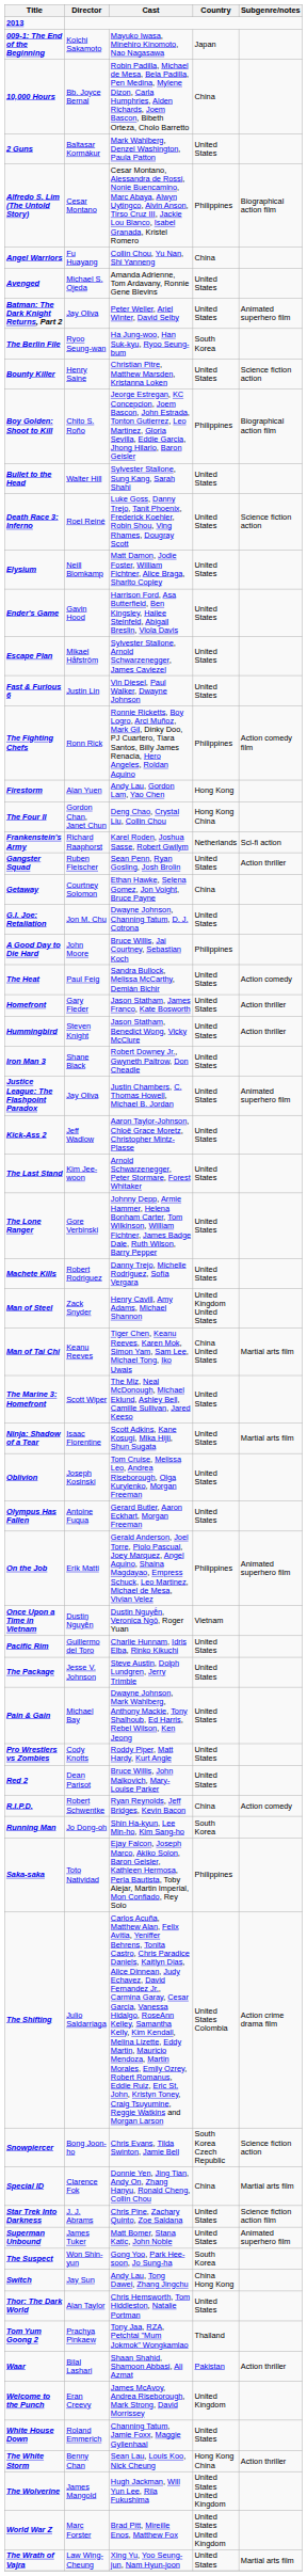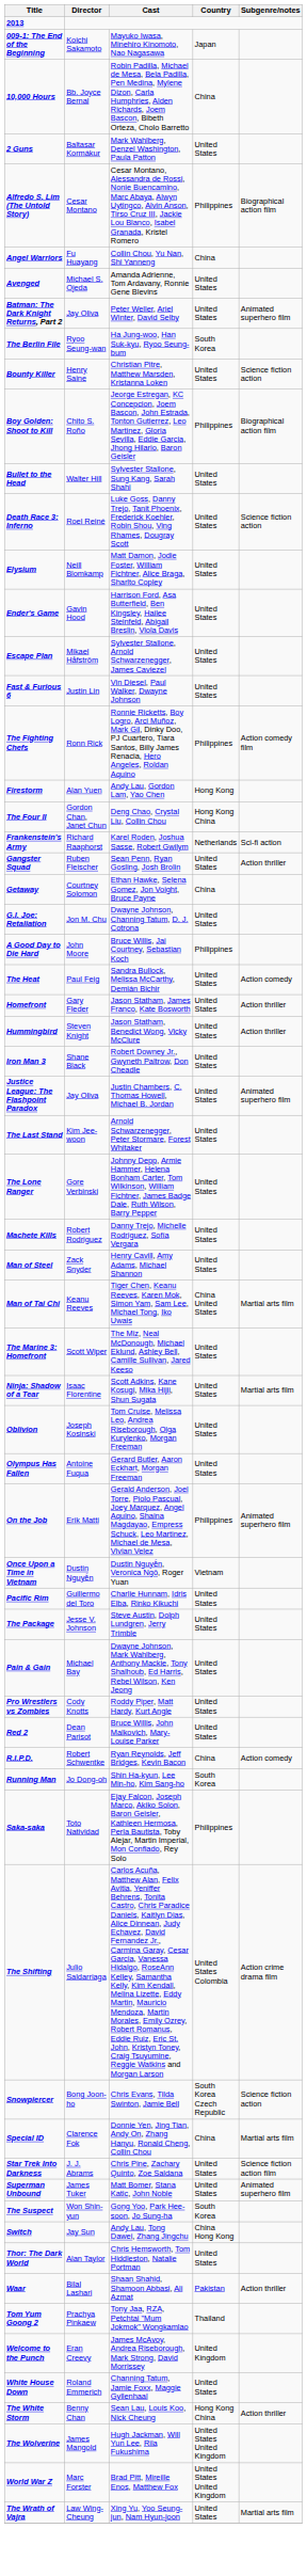 <table class="wikitable sortable">
 <tr>
 <th>Title</th>
 <th>Director</th>
 <th>Cast</th>
 <th>Country</th>
 <th>Subgenre/notes</th>
 </tr>
 <tr>
 <td><strong><a href='#'>2013</a></strong></td>
 </tr>
 <tr>
 <td><strong><em><a href='#'>009-1: The End of the Beginning</a></em></strong></td>
 <td><a href='#'>Koichi Sakamoto</a></td>
 <td><a href='#'>Mayuko Iwasa</a>, <a href='#'>Minehiro Kinomoto</a>, <a href='#'>Nao Nagasawa</a></td>
 <td>Japan</td>
 <td></td>
 </tr>
 <tr>
 <td><strong><em><a href='#'>10,000 Hours</a></em></strong></td>
 <td><a href='#'>Bb. Joyce Bernal</a></td>
 <td><a href='#'>Robin Padilla</a>, <a href='#'>Michael de Mesa</a>, <a href='#'>Bela Padilla</a>, <a href='#'>Pen Medina</a>, <a href='#'>Mylene Dizon</a>, <a href='#'>Carla Humphries</a>, <a href='#'>Alden Richards</a>, <a href='#'>Joem Bascon</a>, Bibeth Orteza, Cholo Barretto</td>
 <td>China</td>
 <td></td>
 </tr>
 <tr>
 <td><strong><em><a href='#'>2 Guns</a></em></strong></td>
 <td><a href='#'>Baltasar Kormákur</a></td>
 <td><a href='#'>Mark Wahlberg</a>, <a href='#'>Denzel Washington</a>, <a href='#'>Paula Patton</a></td>
 <td>United States</td>
 <td></td>
 </tr>
 <tr>
 <td><strong><em><a href='#'>Alfredo S. Lim (The Untold Story)</a></em></strong></td>
 <td><a href='#'>Cesar Montano</a></td>
 <td>Cesar Montano, <a href='#'>Alessandra de Rossi</a>, <a href='#'>Nonie Buencamino</a>, <a href='#'>Marc Abaya</a>, <a href='#'>Alwyn Uytingco</a>, <a href='#'>Alvin Anson</a>, <a href='#'>Tirso Cruz III</a>, <a href='#'>Jackie Lou Blanco</a>, <a href='#'>Isabel Granada</a>, Kristel Romero</td>
 <td>Philippines</td>
 <td>Biographical action film</td>
 </tr>
 <tr>
 <td><strong><em><a href='#'>Angel Warriors</a></em></strong></td>
 <td><a href='#'>Fu Huayang</a></td>
 <td><a href='#'>Collin Chou</a>, <a href='#'>Yu Nan</a>, <a href='#'>Shi Yanneng</a></td>
 <td>China</td>
 <td></td>
 </tr>
 <tr>
 <td><strong><em><a href='#'>Avenged</a></em></strong></td>
 <td><a href='#'>Michael S. Ojeda</a></td>
 <td>Amanda Adrienne, Tom Ardavany, Ronnie Gene Blevins</td>
 <td>United States</td>
 <td></td>
 </tr>
 <tr>
 <td><strong><em><a href='#'>Batman: The Dark Knight Returns</a>, Part 2</em></strong></td>
 <td><a href='#'>Jay Oliva</a></td>
 <td><a href='#'>Peter Weller</a>, <a href='#'>Ariel Winter</a>, <a href='#'>David Selby</a></td>
 <td>United States</td>
 <td>Animated superhero film</td>
 </tr>
 <tr>
 <td><strong><em><a href='#'>The Berlin File</a></em></strong></td>
 <td><a href='#'>Ryoo Seung-wan</a></td>
 <td><a href='#'>Ha Jung-woo</a>, <a href='#'>Han Suk-kyu</a>, <a href='#'>Ryoo Seung-bum</a></td>
 <td>South Korea</td>
 <td></td>
 </tr>
 <tr>
 <td><strong><em><a href='#'>Bounty Killer</a></em></strong></td>
 <td><a href='#'>Henry Saine</a></td>
 <td><a href='#'>Christian Pitre</a>, <a href='#'>Matthew Marsden</a>, <a href='#'>Kristanna Loken</a></td>
 <td>United States</td>
 <td>Science fiction action</td>
 </tr>
 <tr>
 <td><strong><em><a href='#'>Boy Golden: Shoot to Kill</a></em></strong></td>
 <td><a href='#'>Chito S. Roño</a></td>
 <td><a href='#'>Jeorge Estregan</a>, <a href='#'>KC Concepcion</a>, <a href='#'>Joem Bascon</a>, <a href='#'>John Estrada</a>, <a href='#'>Tonton Gutierrez</a>, <a href='#'>Leo Martinez</a>, <a href='#'>Gloria Sevilla</a>, <a href='#'>Eddie Garcia</a>, <a href='#'>Jhong Hilario</a>, <a href='#'>Baron Geisler</a></td>
 <td>Philippines</td>
 <td>Biographical action film</td>
 </tr>
 <tr>
 <td><strong><em><a href='#'>Bullet to the Head</a></em></strong></td>
 <td><a href='#'>Walter Hill</a></td>
 <td><a href='#'>Sylvester Stallone</a>, <a href='#'>Sung Kang</a>, <a href='#'>Sarah Shahi</a></td>
 <td>United States</td>
 <td></td>
 </tr>
 <tr>
 <td><strong><em><a href='#'>Death Race 3: Inferno</a></em></strong></td>
 <td><a href='#'>Roel Reiné</a></td>
 <td><a href='#'>Luke Goss</a>, <a href='#'>Danny Trejo</a>, <a href='#'>Tanit Phoenix</a>, <a href='#'>Frederick Koehler</a>, <a href='#'>Robin Shou</a>, <a href='#'>Ving Rhames</a>, <a href='#'>Dougray Scott</a></td>
 <td>United States</td>
 <td>Science fiction action</td>
 </tr>
 <tr>
 <td><strong><em><a href='#'>Elysium</a></em></strong></td>
 <td><a href='#'>Neill Blomkamp</a></td>
 <td><a href='#'>Matt Damon</a>, <a href='#'>Jodie Foster</a>, <a href='#'>William Fichtner</a>, <a href='#'>Alice Braga</a>, <a href='#'>Sharlto Copley</a></td>
 <td>United States</td>
 <td></td>
 </tr>
 <tr>
 <td><strong><em><a href='#'>Ender's Game</a></em></strong></td>
 <td><a href='#'>Gavin Hood</a></td>
 <td><a href='#'>Harrison Ford</a>, <a href='#'>Asa Butterfield</a>, <a href='#'>Ben Kingsley</a>, <a href='#'>Hailee Steinfeld</a>, <a href='#'>Abigail Breslin</a>, <a href='#'>Viola Davis</a></td>
 <td>United States</td>
 <td></td>
 </tr>
 <tr>
 <td><strong><em><a href='#'>Escape Plan</a></em></strong></td>
 <td><a href='#'>Mikael Håfström</a></td>
 <td><a href='#'>Sylvester Stallone</a>, <a href='#'>Arnold Schwarzenegger</a>, <a href='#'>James Caviezel</a></td>
 <td>United States</td>
 <td></td>
 </tr>
 <tr>
 <td><strong><em><a href='#'>Fast & Furious 6</a></em></strong></td>
 <td><a href='#'>Justin Lin</a></td>
 <td><a href='#'>Vin Diesel</a>, <a href='#'>Paul Walker</a>, <a href='#'>Dwayne Johnson</a></td>
 <td>United States</td>
 <td></td>
 </tr>
 <tr>
 <td><strong><em><a href='#'>The Fighting Chefs</a></em></strong></td>
 <td><a href='#'>Ronn Rick</a></td>
 <td><a href='#'>Ronnie Ricketts</a>, <a href='#'>Boy Logro</a>, <a href='#'>Arci Muñoz</a>, <a href='#'>Mark Gil</a>, Dinky Doo, PJ Cuartero, Tiara Santos, Billy James Renacia, <a href='#'>Hero Angeles</a>, <a href='#'>Roldan Aquino</a></td>
 <td>Philippines</td>
 <td>Action comedy film</td>
 </tr>
 <tr>
 <td><a href='#'><strong><em>Firestorm</em></strong></a></td>
 <td><a href='#'>Alan Yuen</a></td>
 <td><a href='#'>Andy Lau</a>, <a href='#'>Gordon Lam</a>, <a href='#'>Yao Chen</a></td>
 <td>Hong Kong</td>
 <td></td>
 </tr>
 <tr>
 <td><strong><em><a href='#'>The Four II</a></em></strong></td>
 <td><a href='#'>Gordon Chan</a>, <a href='#'>Janet Chun</a></td>
 <td><a href='#'>Deng Chao</a>, <a href='#'>Crystal Liu</a>, <a href='#'>Collin Chou</a></td>
 <td>Hong Kong<br>China</td>
 <td></td>
 </tr>
 <tr>
 <td><strong><em><a href='#'>Frankenstein's Army</a></em></strong></td>
 <td><a href='#'>Richard Raaphorst</a></td>
 <td><a href='#'>Karel Roden</a>, <a href='#'>Joshua Sasse</a>, <a href='#'>Robert Gwilym</a></td>
 <td>Netherlands</td>
 <td>Sci-fi action</td>
 </tr>
 <tr>
 <td><strong><em><a href='#'>Gangster Squad</a></em></strong></td>
 <td><a href='#'>Ruben Fleischer</a></td>
 <td><a href='#'>Sean Penn</a>, <a href='#'>Ryan Gosling</a>, <a href='#'>Josh Brolin</a></td>
 <td>United States</td>
 <td>Action thriller</td>
 </tr>
 <tr>
 <td><strong><em><a href='#'>Getaway</a></em></strong></td>
 <td><a href='#'>Courtney Solomon</a></td>
 <td><a href='#'>Ethan Hawke</a>, <a href='#'>Selena Gomez</a>, <a href='#'>Jon Voight</a>, <a href='#'>Bruce Payne</a></td>
 <td>China</td>
 <td></td>
 </tr>
 <tr>
 <td><strong><em><a href='#'>G.I. Joe: Retaliation</a></em></strong></td>
 <td><a href='#'>Jon M. Chu</a></td>
 <td><a href='#'>Dwayne Johnson</a>, <a href='#'>Channing Tatum</a>, <a href='#'>D. J. Cotrona</a></td>
 <td>United States</td>
 <td></td>
 </tr>
 <tr>
 <td><strong><em><a href='#'>A Good Day to Die Hard</a></em></strong></td>
 <td><a href='#'>John Moore</a></td>
 <td><a href='#'>Bruce Willis</a>, <a href='#'>Jai Courtney</a>, <a href='#'>Sebastian Koch</a></td>
 <td>Philippines</td>
 <td></td>
 </tr>
 <tr>
 <td><strong><em><a href='#'>The Heat</a></em></strong></td>
 <td><a href='#'>Paul Feig</a></td>
 <td><a href='#'>Sandra Bullock</a>, <a href='#'>Melissa McCarthy</a>, <a href='#'>Demián Bichir</a></td>
 <td>United States</td>
 <td>Action comedy</td>
 </tr>
 <tr>
 <td><strong><em><a href='#'>Homefront</a></em></strong></td>
 <td><a href='#'>Gary Fleder</a></td>
 <td><a href='#'>Jason Statham</a>, <a href='#'>James Franco</a>, <a href='#'>Kate Bosworth</a></td>
 <td>United States</td>
 <td>Action thriller</td>
 </tr>
 <tr>
 <td><strong><em><a href='#'>Hummingbird</a></em></strong></td>
 <td><a href='#'>Steven Knight</a></td>
 <td><a href='#'>Jason Statham</a>, <a href='#'>Benedict Wong</a>, <a href='#'>Vicky McClure</a></td>
 <td>United States<br></td>
 <td>Action thriller</td>
 </tr>
 <tr>
 <td><strong><em><a href='#'>Iron Man 3</a></em></strong></td>
 <td><a href='#'>Shane Black</a></td>
 <td><a href='#'>Robert Downey Jr.</a>, <a href='#'>Gwyneth Paltrow</a>, <a href='#'>Don Cheadle</a></td>
 <td>United States</td>
 <td></td>
 </tr>
 <tr>
 <td><strong><em><a href='#'>Justice League: The Flashpoint Paradox</a></em></strong></td>
 <td><a href='#'>Jay Oliva</a></td>
 <td><a href='#'>Justin Chambers</a>, <a href='#'>C. Thomas Howell</a>, <a href='#'>Michael B. Jordan</a></td>
 <td>United States</td>
 <td>Animated superhero film</td>
 </tr>
 <tr>
-<td><strong><em><a href='#'>Kick-Ass 2</a></em></strong></td>
-<td><a href='#'>Jeff Wadlow</a></td>
-<td><a href='#'>Aaron Taylor-Johnson</a>, <a href='#'>Chloë Grace Moretz</a>, <a href='#'>Christopher Mintz-Plasse</a></td>
-<td>United States</td>
-<td></td>
-</tr>
-<tr>
 <td><strong><em><a href='#'>The Last Stand</a></em></strong></td>
 <td><a href='#'>Kim Jee-woon</a></td>
 <td><a href='#'>Arnold Schwarzenegger</a>, <a href='#'>Peter Stormare</a>, <a href='#'>Forest Whitaker</a></td>
 <td>United States</td>
 <td></td>
 </tr>
 <tr>
 <td><strong><em><a href='#'>The Lone Ranger</a></em></strong></td>
 <td><a href='#'>Gore Verbinski</a></td>
 <td><a href='#'>Johnny Depp</a>, <a href='#'>Armie Hammer</a>, <a href='#'>Helena Bonham Carter</a>, <a href='#'>Tom Wilkinson</a>, <a href='#'>William Fichtner</a>, <a href='#'>James Badge Dale</a>, <a href='#'>Ruth Wilson</a>, <a href='#'>Barry Pepper</a></td>
 <td>United States</td>
 <td></td>
 </tr>
 <tr>
 <td><strong><em><a href='#'>Machete Kills</a></em></strong></td>
 <td><a href='#'>Robert Rodriguez</a></td>
 <td><a href='#'>Danny Trejo</a>, <a href='#'>Michelle Rodriguez</a>, <a href='#'>Sofía Vergara</a></td>
 <td>United States</td>
 <td></td>
 </tr>
 <tr>
 <td><strong><em><a href='#'>Man of Steel</a></em></strong></td>
 <td><a href='#'>Zack Snyder</a></td>
 <td><a href='#'>Henry Cavill</a>, <a href='#'>Amy Adams</a>, <a href='#'>Michael Shannon</a></td>
-<td>United Kingdom<br>United States</td>
+<td>United States</td>
 <td></td>
 </tr>
 <tr>
 <td><strong><em><a href='#'>Man of Tai Chi</a></em></strong></td>
 <td><a href='#'>Keanu Reeves</a></td>
 <td><a href='#'>Tiger Chen</a>, <a href='#'>Keanu Reeves</a>, <a href='#'>Karen Mok</a>, <a href='#'>Simon Yam</a>, <a href='#'>Sam Lee</a>, <a href='#'>Michael Tong</a>, <a href='#'>Iko Uwais</a></td>
 <td>China<br>United States</td>
 <td>Martial arts film</td>
 </tr>
 <tr>
 <td><strong><em><a href='#'>The Marine 3: Homefront</a></em></strong></td>
 <td><a href='#'>Scott Wiper</a></td>
 <td><a href='#'>The Miz</a>, <a href='#'>Neal McDonough</a>, <a href='#'>Michael Eklund</a>, <a href='#'>Ashley Bell</a>, <a href='#'>Camille Sullivan</a>, <a href='#'>Jared Keeso</a></td>
 <td>United States</td>
 <td></td>
 </tr>
 <tr>
 <td><strong><em><a href='#'>Ninja: Shadow of a Tear</a></em></strong></td>
 <td><a href='#'>Isaac Florentine</a></td>
 <td><a href='#'>Scott Adkins</a>, <a href='#'>Kane Kosugi</a>, <a href='#'>Mika Hijii</a>, <a href='#'>Shun Sugata</a></td>
 <td>United States</td>
 <td>Martial arts film</td>
 </tr>
 <tr>
 <td><strong><em><a href='#'>Oblivion</a></em></strong></td>
 <td><a href='#'>Joseph Kosinski</a></td>
 <td><a href='#'>Tom Cruise</a>, <a href='#'>Melissa Leo</a>, <a href='#'>Andrea Riseborough</a>, <a href='#'>Olga Kurylenko</a>, <a href='#'>Morgan Freeman</a></td>
 <td>United States</td>
 <td></td>
 </tr>
 <tr>
 <td><strong><em><a href='#'>Olympus Has Fallen</a></em></strong></td>
 <td><a href='#'>Antoine Fuqua</a></td>
 <td><a href='#'>Gerard Butler</a>, <a href='#'>Aaron Eckhart</a>, <a href='#'>Morgan Freeman</a></td>
 <td>United States</td>
 <td></td>
 </tr>
 <tr>
 <td><strong><em><a href='#'>On the Job</a></em></strong></td>
 <td><a href='#'>Erik Matti</a></td>
 <td><a href='#'>Gerald Anderson</a>, <a href='#'>Joel Torre</a>, <a href='#'>Piolo Pascual</a>, <a href='#'>Joey Marquez</a>, <a href='#'>Angel Aquino</a>, <a href='#'>Shaina Magdayao</a>, <a href='#'>Empress Schuck</a>, <a href='#'>Leo Martinez</a>, <a href='#'>Michael de Mesa</a>, <a href='#'>Vivian Velez</a></td>
 <td>Philippines</td>
 <td>Animated superhero film</td>
 </tr>
 <tr>
 <td><strong><em><a href='#'>Once Upon a Time in Vietnam</a></em></strong></td>
 <td><a href='#'>Dustin Nguyễn</a></td>
 <td><a href='#'>Dustin Nguyễn</a>, <a href='#'>Veronica Ngô</a>, Roger Yuan</td>
 <td>Vietnam</td>
 <td></td>
 </tr>
 <tr>
 <td><strong><em><a href='#'>Pacific Rim</a></em></strong></td>
 <td><a href='#'>Guillermo del Toro</a></td>
 <td><a href='#'>Charlie Hunnam</a>, <a href='#'>Idris Elba</a>, <a href='#'>Rinko Kikuchi</a></td>
 <td>United States</td>
 <td></td>
 </tr>
 <tr>
 <td><a href='#'><strong><em>The Package</em></strong></a></td>
 <td><a href='#'>Jesse V. Johnson</a></td>
 <td><a href='#'>Steve Austin</a>, <a href='#'>Dolph Lundgren</a>, <a href='#'>Jerry Trimble</a></td>
 <td>United States</td>
 <td></td>
 </tr>
 <tr>
 <td><strong><em><a href='#'>Pain & Gain</a></em></strong></td>
 <td><a href='#'>Michael Bay</a></td>
 <td><a href='#'>Dwayne Johnson</a>, <a href='#'>Mark Wahlberg</a>, <a href='#'>Anthony Mackie</a>, <a href='#'>Tony Shalhoub</a>, <a href='#'>Ed Harris</a>, <a href='#'>Rebel Wilson</a>, <a href='#'>Ken Jeong</a></td>
 <td>United States</td>
 <td></td>
 </tr>
 <tr>
 <td><strong><em><a href='#'>Pro Wrestlers vs Zombies</a></em></strong></td>
 <td><a href='#'>Cody Knotts</a></td>
 <td><a href='#'>Roddy Piper</a>, <a href='#'>Matt Hardy</a>, <a href='#'>Kurt Angle</a></td>
 <td>United States</td>
 <td></td>
 </tr>
 <tr>
 <td><strong><em><a href='#'>Red 2</a></em></strong></td>
 <td><a href='#'>Dean Parisot</a></td>
 <td><a href='#'>Bruce Willis</a>, <a href='#'>John Malkovich</a>, <a href='#'>Mary-Louise Parker</a></td>
 <td>United States</td>
 <td></td>
 </tr>
 <tr>
 <td><strong><em><a href='#'>R.I.P.D.</a></em></strong></td>
 <td><a href='#'>Robert Schwentke</a></td>
 <td><a href='#'>Ryan Reynolds</a>, <a href='#'>Jeff Bridges</a>, <a href='#'>Kevin Bacon</a></td>
 <td>China</td>
 <td>Action comedy</td>
 </tr>
 <tr>
 <td><strong><em><a href='#'>Running Man</a></em></strong></td>
 <td><a href='#'>Jo Dong-oh</a></td>
 <td><a href='#'>Shin Ha-kyun</a>, <a href='#'>Lee Min-ho</a>, <a href='#'>Kim Sang-ho</a></td>
 <td>South Korea</td>
 <td></td>
 </tr>
 <tr>
 <td><strong><em><a href='#'>Saka-saka</a></em></strong></td>
 <td><a href='#'>Toto Natividad</a></td>
 <td><a href='#'>Ejay Falcon</a>, <a href='#'>Joseph Marco</a>, <a href='#'>Akiko Solon</a>, <a href='#'>Baron Geisler</a>, <a href='#'>Kathleen Hermosa</a>, <a href='#'>Perla Bautista</a>, Toby Alejar, Martin Imperial, <a href='#'>Mon Confiado</a>, Rey Solo</td>
 <td>Philippines</td>
 <td></td>
 </tr>
 <tr>
 <td><strong><em><a href='#'>The Shifting</a></em></strong></td>
 <td><a href='#'>Julio Saldarriaga</a></td>
 <td><a href='#'>Carlos Acuña</a>, <a href='#'>Matthew Alan</a>, <a href='#'>Felix Avitia</a>, <a href='#'>Yeniffer Behrens</a>, <a href='#'>Tonita Castro</a>, <a href='#'>Chris Paradice Daniels</a>, <a href='#'>Kaitlyn Dias</a>, <a href='#'>Alice Dinnean</a>, <a href='#'>Judy Echavez</a>, <a href='#'>David Fernandez Jr.</a>, <a href='#'>Carmina Garay</a>, <a href='#'>Cesar Garcia</a>, <a href='#'>Vanessa Hidalgo</a>, <a href='#'>RoseAnn Kelley</a>, <a href='#'>Samantha Kelly</a>, <a href='#'>Kim Kendall</a>, <a href='#'>Melina Lizette</a>, <a href='#'>Eddy Martin</a>, <a href='#'>Mauricio Mendoza</a>, <a href='#'>Martin Morales</a>, <a href='#'>Emily Ozrey</a>, <a href='#'>Robert Romanus</a>, <a href='#'>Eddie Ruiz</a>, <a href='#'>Eric St. John</a>, <a href='#'>Kristyn Toney</a>, <a href='#'>Craig Tsuyumine</a>, <a href='#'>Reggie Watkins</a> and <a href='#'>Morgan Larson</a></td>
 <td>United States<br>Colombia</td>
 <td>Action crime drama film</td>
 </tr>
 <tr>
 <td><strong><em><a href='#'>Snowpiercer</a></em></strong></td>
 <td><a href='#'>Bong Joon-ho</a></td>
 <td><a href='#'>Chris Evans</a>, <a href='#'>Tilda Swinton</a>, <a href='#'>Jamie Bell</a></td>
 <td>South Korea<br>Czech Republic</td>
 <td>Science fiction action</td>
 </tr>
 <tr>
 <td><strong><em><a href='#'>Special ID</a></em></strong></td>
 <td><a href='#'>Clarence Fok</a></td>
 <td><a href='#'>Donnie Yen</a>, <a href='#'>Jing Tian</a>, <a href='#'>Andy On</a>, <a href='#'>Zhang Hanyu</a>, <a href='#'>Ronald Cheng</a>, <a href='#'>Collin Chou</a></td>
 <td>China</td>
 <td>Martial arts film</td>
 </tr>
 <tr>
 <td><strong><em><a href='#'>Star Trek Into Darkness</a></em></strong></td>
 <td><a href='#'>J. J. Abrams</a></td>
 <td><a href='#'>Chris Pine</a>, <a href='#'>Zachary Quinto</a>, <a href='#'>Zoe Saldana</a></td>
 <td>United States</td>
 <td>Science fiction action film</td>
 </tr>
 <tr>
 <td><strong><em><a href='#'>Superman Unbound</a></em></strong></td>
 <td><a href='#'>James Tuker</a></td>
 <td><a href='#'>Matt Bomer</a>, <a href='#'>Stana Katic</a>, <a href='#'>John Noble</a></td>
 <td>United States</td>
 <td>Animated superhero film</td>
 </tr>
 <tr>
 <td><strong><em><a href='#'>The Suspect</a></em></strong></td>
 <td><a href='#'>Won Shin-yun</a></td>
 <td><a href='#'>Gong Yoo</a>, <a href='#'>Park Hee-soon</a>, <a href='#'>Jo Sung-ha</a></td>
 <td>South Korea</td>
 <td></td>
 </tr>
 <tr>
 <td><strong><em><a href='#'>Switch</a></em></strong></td>
 <td><a href='#'>Jay Sun</a></td>
 <td><a href='#'>Andy Lau</a>, <a href='#'>Tong Dawei</a>, <a href='#'>Zhang Jingchu</a></td>
 <td>China<br>Hong Kong</td>
 <td></td>
 </tr>
 <tr>
 <td><strong><em><a href='#'>Thor: The Dark World</a></em></strong></td>
 <td><a href='#'>Alan Taylor</a></td>
 <td><a href='#'>Chris Hemsworth</a>, <a href='#'>Tom Hiddleston</a>, <a href='#'>Natalie Portman</a></td>
 <td>United States</td>
 <td></td>
 </tr>
 <tr>
+<td><strong><em><a href='#'>Waar</a></em></strong></td>
+<td><a href='#'>Bilal Lashari</a></td>
+<td><a href='#'>Shaan Shahid</a>, <a href='#'>Shamoon Abbasi</a>, <a href='#'>Ali Azmat</a></td>
+<td><a href='#'>Pakistan</a></td>
+<td>Action thriller</td>
+</tr>
+<tr>
 <td><strong><em><a href='#'>Tom Yum Goong 2</a></em></strong></td>
 <td><a href='#'>Prachya Pinkaew</a></td>
 <td><a href='#'>Tony Jaa</a>, <a href='#'>RZA</a>, <a href='#'>Petchtai "Mum Jokmok" Wongkamlao</a></td>
 <td>Thailand</td>
 <td></td>
-</tr>
-<tr>
-<td><strong><em><a href='#'>Waar</a></em></strong></td>
-<td><a href='#'>Bilal Lashari</a></td>
-<td><a href='#'>Shaan Shahid</a>, <a href='#'>Shamoon Abbasi</a>, <a href='#'>Ali Azmat</a></td>
-<td><a href='#'>Pakistan</a></td>
-<td>Action thriller</td>
 </tr>
 <tr>
 <td><strong><em><a href='#'>Welcome to the Punch</a></em></strong></td>
 <td><a href='#'>Eran Creevy</a></td>
 <td><a href='#'>James McAvoy</a>, <a href='#'>Andrea Riseborough</a>, <a href='#'>Mark Strong</a>, <a href='#'>David Morrissey</a></td>
 <td>United Kingdom</td>
 <td></td>
 </tr>
 <tr>
 <td><strong><em><a href='#'>White House Down</a></em></strong></td>
 <td><a href='#'>Roland Emmerich</a></td>
 <td><a href='#'>Channing Tatum</a>, <a href='#'>Jamie Foxx</a>, <a href='#'>Maggie Gyllenhaal</a></td>
 <td>United States</td>
 <td></td>
 </tr>
 <tr>
 <td><strong><em><a href='#'>The White Storm</a></em></strong></td>
 <td><a href='#'>Benny Chan</a></td>
 <td><a href='#'>Sean Lau</a>, <a href='#'>Louis Koo</a>, <a href='#'>Nick Cheung</a></td>
 <td>Hong Kong<br>China</td>
 <td>Action thriller</td>
 </tr>
 <tr>
 <td><strong><em><a href='#'>The Wolverine</a></em></strong></td>
 <td><a href='#'>James Mangold</a></td>
 <td><a href='#'>Hugh Jackman</a>, <a href='#'>Will Yun Lee</a>, <a href='#'>Rila Fukushima</a></td>
 <td>United States<br>United Kingdom</td>
 <td></td>
 </tr>
 <tr>
 <td><strong><em><a href='#'>World War Z</a></em></strong></td>
 <td><a href='#'>Marc Forster</a></td>
 <td><a href='#'>Brad Pitt</a>, <a href='#'>Mireille Enos</a>, <a href='#'>Matthew Fox</a></td>
 <td>United States<br>United Kingdom</td>
 <td></td>
 </tr>
 <tr>
 <td><strong><em><a href='#'>The Wrath of Vajra</a></em></strong></td>
 <td><a href='#'>Law Wing-Cheung</a></td>
 <td><a href='#'>Xing Yu</a>, <a href='#'>Yoo Seung-jun</a>, <a href='#'>Nam Hyun-joon</a></td>
 <td>United States</td>
 <td>Martial arts film</td>
 </tr>
 <tr>
 </tr>
 </table>
